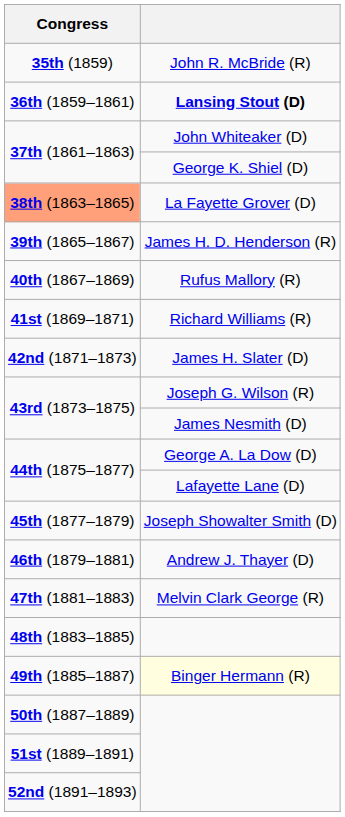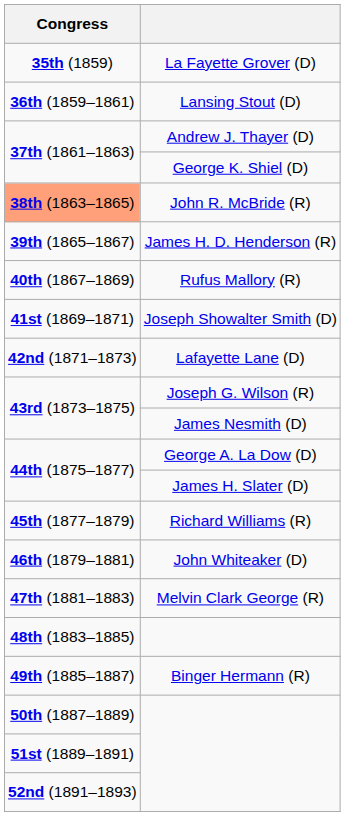 <table class=wikitable style="text-align:center">
 <tr style="height:2.5em">
 <th>Congress</th>
 <th></th>
 </tr>
 <tr style="height:2.5em">
 <td><strong><a href='#'>35th</a></strong> (1859)</td>
-<td><a href='#'>John R. McBride</a> (R)</td>
+<td><a href='#'>La Fayette Grover</a> (D)</td>
 </tr>
 <tr style="height:2.5em">
 <td><strong><a href='#'>36th</a></strong> (1859–1861)</td>
-<td><strong><a href='#'>Lansing Stout</a> (D)</strong></td>
+<td><a href='#'>Lansing Stout</a> (D)</td>
 </tr>
 <tr style="height:2em">
 <td rowspan=2><strong><a href='#'>37th</a></strong> (1861–1863)</td>
-<td><a href='#'>John Whiteaker</a> (D)</td>
+<td><a href='#'>Andrew J. Thayer</a> (D)</td>
 </tr>
 <tr style="height:2em">
 <td><a href='#'>George K. Shiel</a> (D)</td>
 </tr>
 <tr style="height:2.5em">
 <td style="background: lightsalmon;"><strong><a href='#'>38th</a></strong> (1863–1865)</td>
-<td><a href='#'>La Fayette Grover</a> (D)</td>
+<td><a href='#'>John R. McBride</a> (R)</td>
 </tr>
 <tr style="height:2.5em">
 <td><strong><a href='#'>39th</a></strong> (1865–1867)</td>
 <td><a href='#'>James H. D. Henderson</a>  (R)</td>
 </tr>
 <tr style="height:2.5em">
 <td><strong><a href='#'>40th</a></strong> (1867–1869)</td>
 <td><a href='#'>Rufus Mallory</a> (R)</td>
 </tr>
 <tr style="height:2.5em">
 <td><strong><a href='#'>41st</a></strong> (1869–1871)</td>
-<td><a href='#'>Richard Williams</a> (R)</td>
+<td><a href='#'>Joseph Showalter Smith</a> (D)</td>
 </tr>
 <tr style="height:2.5em">
 <td><strong><a href='#'>42nd</a></strong> (1871–1873)</td>
-<td><a href='#'>James H. Slater</a> (D)</td>
+<td><a href='#'>Lafayette Lane</a> (D)</td>
 </tr>
 <tr style="height:2em">
 <td rowspan=2><strong><a href='#'>43rd</a></strong> (1873–1875)</td>
 <td><a href='#'>Joseph G. Wilson</a> (R)</td>
 </tr>
 <tr style="height:2em">
 <td><a href='#'>James Nesmith</a> (D)</td>
 </tr>
 <tr style="height:2em">
 <td rowspan=2><strong><a href='#'>44th</a></strong> (1875–1877)</td>
 <td><a href='#'>George A. La Dow</a> (D)</td>
 </tr>
 <tr style="height:2em">
-<td><a href='#'>Lafayette Lane</a> (D)</td>
+<td><a href='#'>James H. Slater</a> (D)</td>
 </tr>
 <tr style="height:2.5em">
 <td><strong><a href='#'>45th</a></strong> (1877–1879)</td>
-<td><a href='#'>Joseph Showalter Smith</a> (D)</td>
+<td><a href='#'>Richard Williams</a> (R)</td>
 </tr>
 <tr style="height:2.5em">
 <td><strong><a href='#'>46th</a></strong> (1879–1881)</td>
-<td><a href='#'>Andrew J. Thayer</a> (D)</td>
+<td><a href='#'>John Whiteaker</a> (D)</td>
 </tr>
 <tr style="height:2.5em">
 <td><strong><a href='#'>47th</a></strong> (1881–1883)</td>
 <td><a href='#'>Melvin Clark George</a> (R)</td>
 </tr>
 <tr style="height:2.5em">
 <td><strong><a href='#'>48th</a></strong> (1883–1885)</td>
 </tr>
 <tr style="height:2.5em">
 <td><strong><a href='#'>49th</a></strong> (1885–1887)</td>
-<td style="background: lightyellow;"><a href='#'>Binger Hermann</a> (R)</td>
+<td><a href='#'>Binger Hermann</a> (R)</td>
 </tr>
 <tr style="height:2.5em">
 <td><strong><a href='#'>50th</a></strong> (1887–1889)</td>
 </tr>
 <tr style="height:2.5em">
 <td><strong><a href='#'>51st</a></strong> (1889–1891)</td>
 </tr>
 <tr style="height:2.5em">
 <td><strong><a href='#'>52nd</a></strong> (1891–1893)</td>
 </tr>
 </table>
